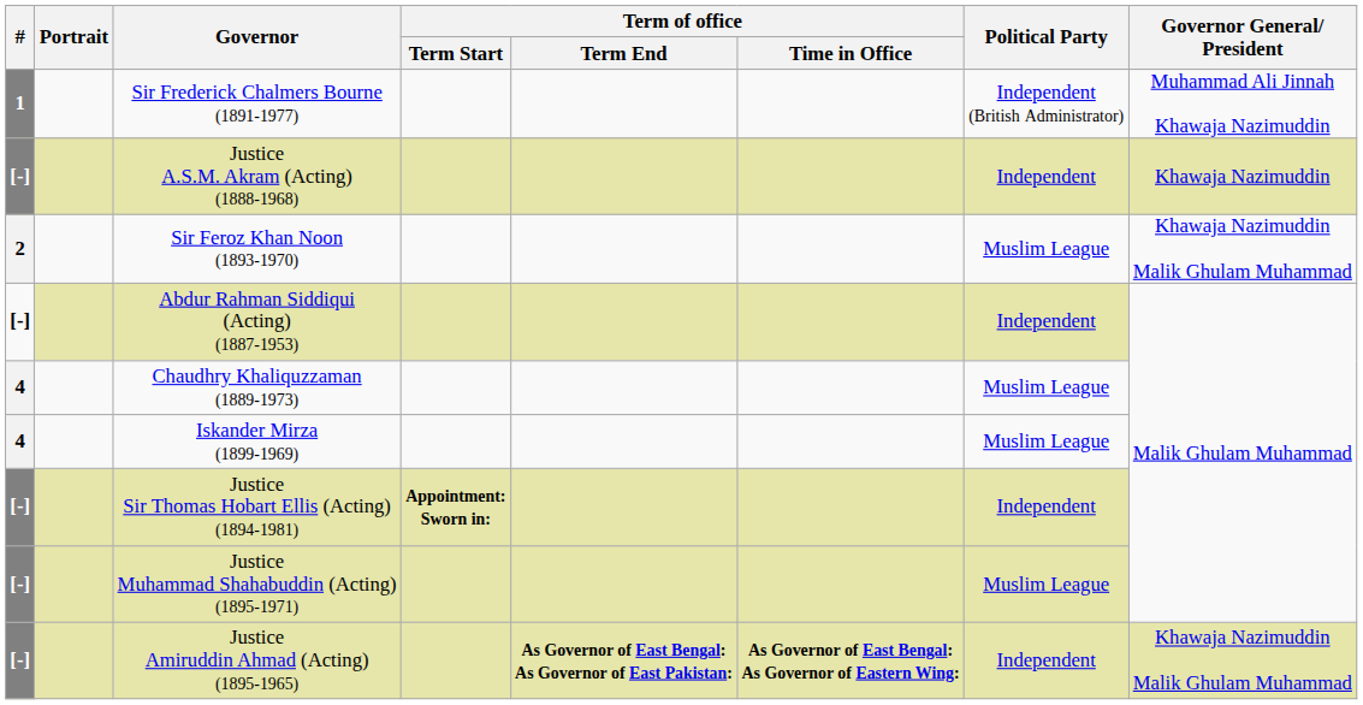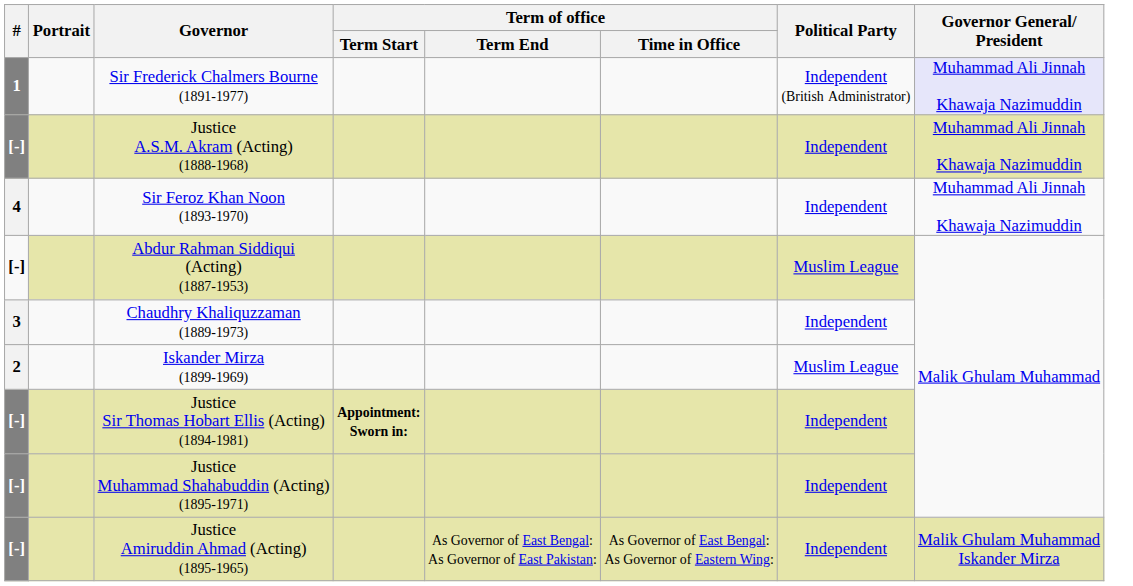 <table class="wikitable sortable" style="text-align:center">
 <tr>
 <th rowspan="2" class="unsortable">#</th>
 <th rowspan="2" class="unsortable">Portrait</th>
 <th rowspan="2">Governor</th>
 <th colspan="3">Term of office</th>
 <th rowspan="2">Political Party</th>
 <th rowspan="2">Governor General/<br>President</th>
 </tr>
 <tr>
 <th>Term Start</th>
 <th>Term End</th>
 <th>Time in Office</th>
 </tr>
 <tr>
 <th style="background-color: gray; color:white">1</th>
 <td></td>
 <td><a href='#'>Sir Frederick Chalmers Bourne</a><br><small>(1891-1977)</small></td>
 <td></td>
 <td></td>
 <td></td>
 <td><a href='#'>Independent</a><br><small>(British</small> <small>Administrator)</small></td>
-<td style="padding:0;"><div><a href='#'>Muhammad Ali Jinnah</a></div><br><div><a href='#'>Khawaja Nazimuddin</a></div></td>
+<td style="background: lavender; padding:0;"><div><a href='#'>Muhammad Ali Jinnah</a></div><br><div><a href='#'>Khawaja Nazimuddin</a></div></td>
 </tr>
 <tr style="background:#e6e6aa;">
 <td style="background-color:gray; color:white;"><strong>[-]</strong></td>
 <td></td>
 <td>Justice<br><a href='#'>A.S.M. Akram</a> (Acting)<br><small>(1888-1968)</small></td>
 <td></td>
 <td></td>
 <td></td>
 <td><a href='#'>Independent</a></td>
-<td><a href='#'>Khawaja Nazimuddin</a></td>
+<td style="padding:0;"><div><a href='#'>Muhammad Ali Jinnah</a></div><br><div><a href='#'>Khawaja Nazimuddin</a></div></td>
 </tr>
 <tr>
-<th style="background-color: ">2</th>
+<th style="background-color: ">4</th>
 <td></td>
 <td><a href='#'>Sir Feroz Khan Noon</a><br><small>(1893-1970)</small></td>
 <td></td>
 <td></td>
 <td></td>
-<td><a href='#'>Muslim League</a></td>
-<td style="padding:0;"><div><a href='#'>Khawaja Nazimuddin</a></div><br><div><a href='#'>Malik Ghulam Muhammad</a></div></td>
+<td><a href='#'>Independent</a></td>
+<td style="padding:0;"><div><a href='#'>Muhammad Ali Jinnah</a></div><br><div><a href='#'>Khawaja Nazimuddin</a></div></td>
 </tr>
 <tr>
 <td style="background-color: "><strong>[-]</strong></td>
 <td style="background:#e6e6aa;"></td>
 <td style="background:#e6e6aa;"><a href='#'>Abdur Rahman Siddiqui</a><br>(Acting)<br><small>(1887-1953)</small></td>
 <td style="background:#e6e6aa;"></td>
 <td style="background:#e6e6aa;"></td>
 <td style="background:#e6e6aa;"></td>
-<td style="background:#e6e6aa;"><a href='#'>Independent</a></td>
+<td style="background:#e6e6aa;"><a href='#'>Muslim League</a></td>
 <td rowspan="5"><a href='#'>Malik Ghulam Muhammad</a></td>
 </tr>
 <tr>
-<th style="background-color: ">4</th>
+<th style="background-color: ">3</th>
 <td></td>
 <td><a href='#'>Chaudhry Khaliquzzaman</a><br><small>(1889-1973)</small></td>
 <td></td>
 <td></td>
 <td></td>
-<td><a href='#'>Muslim League</a></td>
+<td><a href='#'>Independent</a></td>
 </tr>
 <tr>
-<th style="background-color: ">4</th>
+<th style="background-color: ">2</th>
 <td></td>
 <td><a href='#'>Iskander Mirza</a><br><small>(1899-1969)</small></td>
 <td></td>
 <td></td>
 <td></td>
 <td><a href='#'>Muslim League</a></td>
 </tr>
 <tr style="background:#e6e6aa;">
 <td style="background-color:gray; color:white;"><strong>[-]</strong></td>
 <td></td>
 <td>Justice<br><a href='#'>Sir Thomas Hobart Ellis</a> (Acting)<br><small>(1894-1981)</small></td>
 <td><strong><small>Appointment:</small><br><small>Sworn in:</small> </strong></td>
 <td></td>
 <td></td>
 <td><a href='#'>Independent</a></td>
 </tr>
 <tr>
 <th style="background-color: gray; color:white"><strong>[-]</strong></th>
 <td style="background:#e6e6aa;"></td>
 <td style="background:#e6e6aa;">Justice<br><a href='#'>Muhammad Shahabuddin</a> (Acting)<br><small>(1895-1971)</small></td>
 <td style="background:#e6e6aa;"></td>
 <td style="background:#e6e6aa;"></td>
 <td style="background:#e6e6aa;"></td>
-<td style="background:#e6e6aa;"><a href='#'>Muslim League</a></td>
+<td style="background:#e6e6aa;"><a href='#'>Independent</a></td>
 </tr>
 <tr style="background:#e6e6aa;">
 <td style="background-color:gray; color:white;"><strong>[-]</strong></td>
 <td></td>
 <td>Justice<br><a href='#'>Amiruddin Ahmad</a> (Acting)<br><small>(1895-1965)</small></td>
 <td></td>
-<td><strong><small>As Governor of <a href='#'>East Bengal</a>:</small><br><small>As Governor of <a href='#'>East Pakistan</a></small><small>:</small><br></strong></td>
-<td><strong><small>As Governor of <a href='#'>East Bengal</a>:</small><br><small>As Governor of <a href='#'>Eastern Wing</a>:</small> </strong></td>
+<td><small>As Governor of <a href='#'>East Bengal</a>:</small><br><small>As Governor of <a href='#'>East Pakistan</a></small><small>:</small><br></td>
+<td><small>As Governor of <a href='#'>East Bengal</a>:</small><br><small>As Governor of <a href='#'>Eastern Wing</a>:</small> </td>
 <td><a href='#'>Independent</a></td>
-<td style="padding:0;"><div><a href='#'>Khawaja Nazimuddin</a></div><br><div><a href='#'>Malik Ghulam Muhammad</a></div></td>
+<td><a href='#'>Malik Ghulam Muhammad</a><br><a href='#'>Iskander Mirza</a></td>
 </tr>
 </table>
